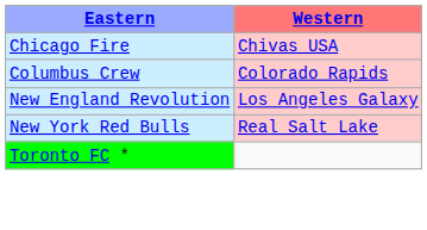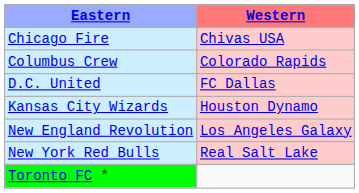 <table class="wikitable">
 <tr>
 <th style="background-color: #9AF;"><a href='#'>Eastern</a></th>
 <th style="background-color: #F77;"><a href='#'>Western</a></th>
 </tr>
 <tr>
 <td style="background-color: #CEF;"><a href='#'>Chicago Fire</a></td>
 <td style="background-color: #FCC;"><a href='#'>Chivas USA</a></td>
 </tr>
 <tr>
 <td style="background-color: #CEF;"><a href='#'>Columbus Crew</a></td>
 <td style="background-color: #FCC;"><a href='#'>Colorado Rapids</a></td>
 </tr>
 <tr>
+<td style="background-color: #CEF;"><a href='#'>D.C. United</a></td>
+<td style="background-color: #FCC;"><a href='#'>FC Dallas</a></td>
+</tr>
+<tr>
+<td style="background-color: #CEF;"><a href='#'>Kansas City Wizards</a></td>
+<td style="background-color: #FCC;"><a href='#'>Houston Dynamo</a></td>
+</tr>
+<tr>
 <td style="background-color: #CEF;"><a href='#'>New England Revolution</a></td>
 <td style="background-color: #FCC;"><a href='#'>Los Angeles Galaxy</a></td>
 </tr>
 <tr>
 <td style="background-color: #CEF;"><a href='#'>New York Red Bulls</a></td>
 <td style="background-color: #FCC;"><a href='#'>Real Salt Lake</a></td>
 </tr>
 <tr>
 <td style="background-color: #0F0;"><a href='#'>Toronto FC</a> *</td>
 <td></td>
 </tr>
 </table>
